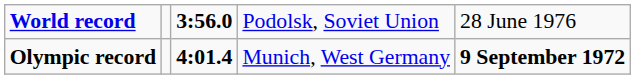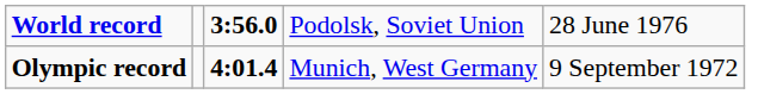 <table class="wikitable">
 <tr>
 <td><strong><a href='#'>World record</a></strong></td>
 <td></td>
 <td><strong>3:56.0</strong></td>
 <td><a href='#'>Podolsk</a>, <a href='#'>Soviet Union</a></td>
 <td>28 June 1976</td>
 </tr>
 <tr>
 <td><strong>Olympic record</strong></td>
 <td></td>
 <td><strong>4:01.4</strong></td>
 <td><a href='#'>Munich</a>, <a href='#'>West Germany</a></td>
-<td><strong>9 September 1972</strong></td>
+<td>9 September 1972</td>
 </tr>
 </table>
